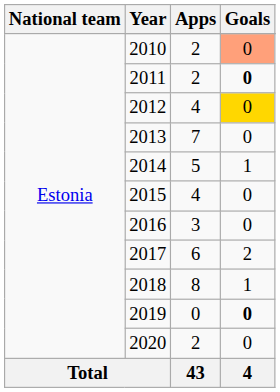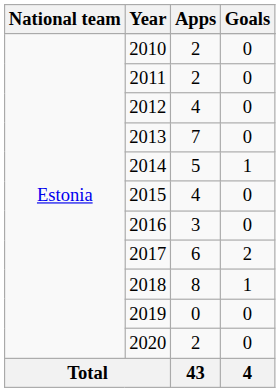 <table class="wikitable" style="text-align:center;">
 <tr>
 <th>National team</th>
 <th>Year</th>
 <th>Apps</th>
 <th>Goals</th>
 </tr>
 <tr>
 <td rowspan=12><a href='#'>Estonia</a></td>
 </tr>
 <tr>
 <td>2010</td>
 <td>2</td>
-<td style="background: lightsalmon;">0</td>
+<td>0</td>
 </tr>
 <tr>
 <td>2011</td>
 <td>2</td>
-<td><strong>0</strong></td>
+<td>0</td>
 </tr>
 <tr>
 <td>2012</td>
 <td>4</td>
-<td style="background: gold;">0</td>
+<td>0</td>
 </tr>
 <tr>
 <td>2013</td>
 <td>7</td>
 <td>0</td>
 </tr>
 <tr>
 <td>2014</td>
 <td>5</td>
 <td>1</td>
 </tr>
 <tr>
 <td>2015</td>
 <td>4</td>
 <td>0</td>
 </tr>
 <tr>
 <td>2016</td>
 <td>3</td>
 <td>0</td>
 </tr>
 <tr>
 <td>2017</td>
 <td>6</td>
 <td>2</td>
 </tr>
 <tr>
 <td>2018</td>
 <td>8</td>
 <td>1</td>
 </tr>
 <tr>
 <td>2019</td>
 <td>0</td>
-<td><strong>0</strong></td>
+<td>0</td>
 </tr>
 <tr>
 <td>2020</td>
 <td>2</td>
 <td>0</td>
 </tr>
 <tr>
 <th colspan=2>Total</th>
 <th>43</th>
 <th>4</th>
 </tr>
 </table>
